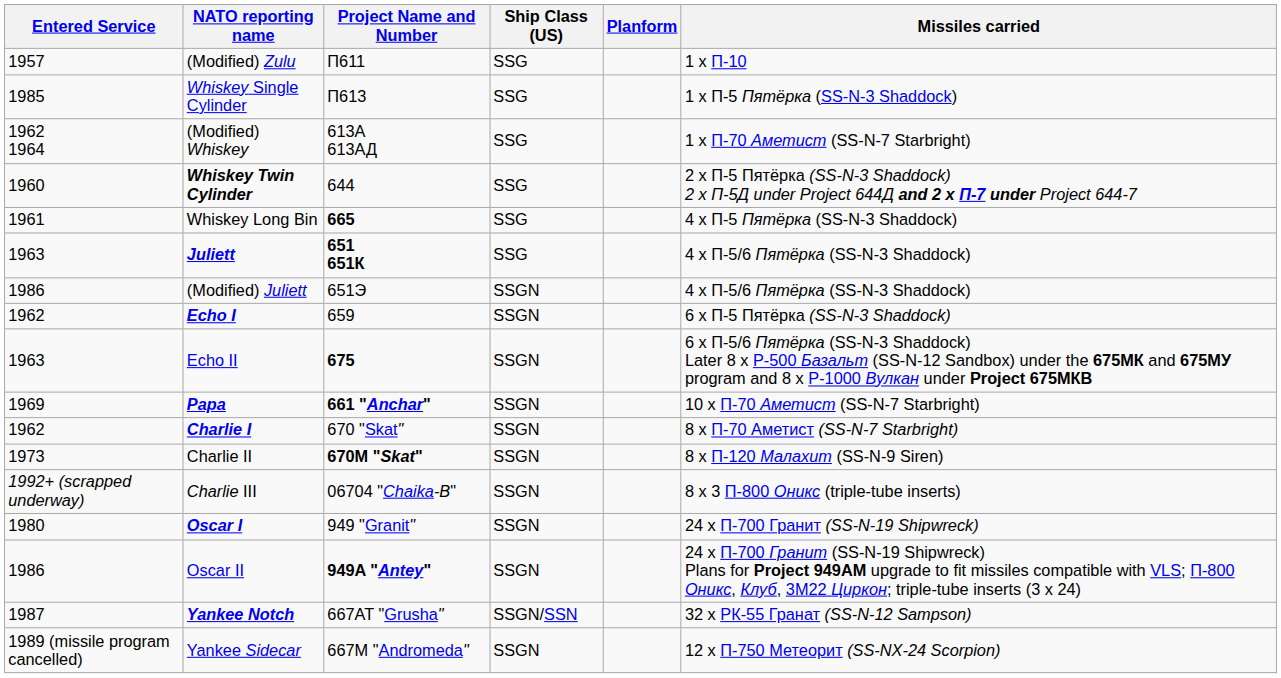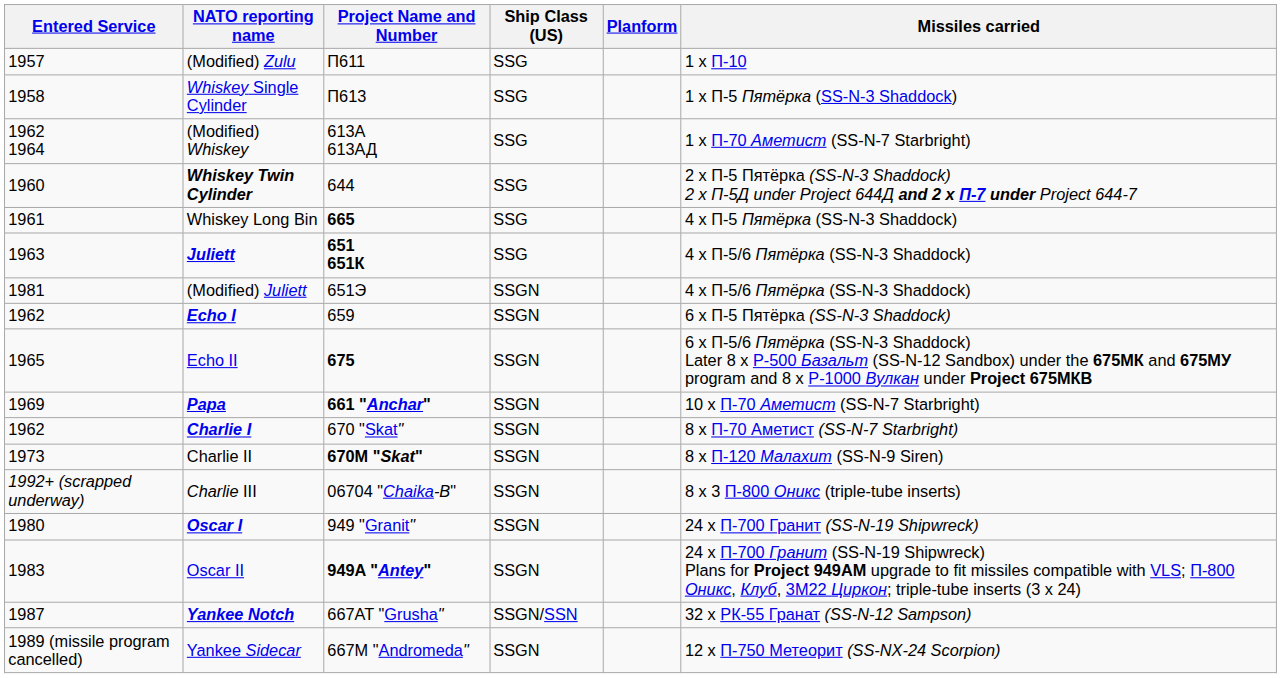 <table class="wikitable sortable">
 <tr>
 <th><a href='#'>Entered Service</a></th>
 <th><a href='#'>NATO reporting name</a></th>
 <th><a href='#'>Project Name and Number</a></th>
 <th>Ship Class (US)</th>
 <th><a href='#'>Planform</a></th>
 <th>Missiles carried</th>
 </tr>
 <tr>
 <td>1957</td>
 <td>(Modified) <a href='#'><em>Zulu</em></a></td>
 <td>П611</td>
 <td>SSG</td>
 <td></td>
 <td>1 x <a href='#'>П-10</a></td>
 </tr>
 <tr>
-<td>1985</td>
+<td>1958</td>
 <td><a href='#'><em>Whiskey</em> Single Cylinder</a></td>
 <td>П613</td>
 <td>SSG</td>
 <td></td>
 <td>1 x П-5 <em>Пятёрка</em> (<a href='#'>SS-N-3 Shaddock</a>)</td>
 </tr>
 <tr>
 <td>1962<br>1964</td>
 <td>(Modified) <em>Whiskey</em></td>
 <td>613А<br>613АД</td>
 <td>SSG</td>
 <td></td>
 <td>1 x <a href='#'>П-70 <em>Аметист</em></a> (SS-N-7 Starbright)</td>
 </tr>
 <tr>
 <td>1960</td>
 <td><strong><em>Whiskey<em> Twin Cylinder<strong></td>
 <td></strong>644<strong></td>
 <td>SSG</td>
 <td></td>
 <td>2 x П-5 </em>Пятёрка<em> (SS-N-3 Shaddock)<br>2 х П-5Д under </strong>Project 644Д<strong> and 2 х <a href='#'>П-7</a> under </strong>Project 644-7<strong></td>
 </tr>
 <tr>
 <td>1961</td>
 <td></em></strong>Whiskey</em> Long Bin</strong></td>
 <td><strong>665</strong></td>
 <td>SSG</td>
 <td></td>
 <td>4 x П-5 <em>Пятёрка</em> (SS-N-3 Shaddock)</td>
 </tr>
 <tr>
 <td>1963</td>
 <td><a href='#'><strong><em>Juliett</em></strong></a></td>
 <td><strong>651</strong><br><strong>651К</strong></td>
 <td>SSG</td>
 <td></td>
 <td>4 х П-5/6 <em>Пятёрка</em> (SS-N-3 Shaddock)</td>
 </tr>
 <tr>
-<td>1986</td>
+<td>1981</td>
 <td>(Modified) <a href='#'><em>Juliett</em></a></td>
 <td>651Э</td>
 <td>SSGN</td>
 <td></td>
 <td>4 х П-5/6 <em>Пятёрка</em> (SS-N-3 Shaddock)</td>
 </tr>
 <tr>
 <td>1962</td>
 <td><a href='#'><strong><em>Echo<em> I<strong></a></td>
 <td></strong>659<strong></td>
 <td>SSGN</td>
 <td></td>
 <td>6 x П-5 </em>Пятёрка<em> (SS-N-3 Shaddock)</td>
 </tr>
 <tr>
-<td>1963</td>
+<td>1965</td>
 <td><a href='#'></em></strong>Echo</em> II</strong></a></td>
 <td><strong>675</strong></td>
 <td>SSGN</td>
 <td></td>
 <td>6 x П-5/6 <em>Пятёрка</em> (SS-N-3 Shaddock)<br>Later 8 x <a href='#'>P-500 <em>Базальт</em></a> (SS-N-12 Sandbox) under the <strong>675МК</strong> and <strong>675МУ</strong> program and 8 x <a href='#'>P-1000 <em>Вулкан</em></a> under <strong>Project 675МКВ</strong></td>
 </tr>
 <tr>
 <td>1969</td>
 <td><a href='#'><strong><em>Papa</em></strong></a></td>
 <td><strong>661 "<em><a href='#'>Anchar</a></em>"</strong></td>
 <td>SSGN</td>
 <td></td>
 <td>10 x <a href='#'>П-70 <em>Аметист</em></a> (SS-N-7 Starbright)</td>
 </tr>
 <tr>
 <td>1962</td>
 <td><a href='#'><strong><em>Charlie<em> I<strong></a></td>
 <td></strong>670 "</em><a href='#'>Skat</a><em>"<strong></td>
 <td>SSGN</td>
 <td></td>
 <td>8 x <a href='#'>П-70 </em>Аметист<em></a> (SS-N-7 Starbright)</td>
 </tr>
 <tr>
 <td>1973</td>
 <td></em></strong>Charlie</em> II</strong></td>
 <td><strong>670M "<em>Skat</em>"</strong></td>
 <td>SSGN</td>
 <td></td>
 <td>8 x <a href='#'>П-120 <em>Малахит</em></a> (SS-N-9 Siren)</td>
 </tr>
 <tr>
 <td><em>1992+ (scrapped underway)</em></td>
 <td><em>Charlie</em> III</td>
 <td>06704 "<em><a href='#'>Chaika</a>-B</em>"</td>
 <td>SSGN</td>
 <td></td>
 <td>8 x 3 <a href='#'>П-800 <em>Оникс</em></a> (triple-tube inserts)</td>
 </tr>
 <tr>
 <td>1980</td>
 <td><a href='#'><strong><em>Oscar<em> I<strong></a></td>
 <td></strong>949 "</em><a href='#'>Granit</a><em>"<strong></td>
 <td>SSGN</td>
 <td></td>
 <td>24 x <a href='#'>П-700 </em>Гранит<em></a> (SS-N-19 Shipwreck)</td>
 </tr>
 <tr>
-<td>1986</td>
+<td>1983</td>
 <td><a href='#'></em></strong>Oscar</em> II</strong></a></td>
 <td><strong>949A "<em><a href='#'>Antey</a></em>"</strong></td>
 <td>SSGN</td>
 <td></td>
 <td>24 x <a href='#'>П-700 <em>Гранит</em></a> (SS-N-19 Shipwreck)<br>Plans for <strong>Project 949АМ</strong> upgrade to fit missiles compatible with  <a href='#'>VLS</a>; <a href='#'>П-800 <em>Оникс</em></a>, <a href='#'><em>Клуб</em></a>, <a href='#'>3M22 <em>Циркон</em></a>; triple-tube inserts (3 x 24)</td>
 </tr>
 <tr>
 <td>1987</td>
 <td><a href='#'><strong><em>Yankee<em> Notch<strong></a></td>
 <td></strong>667AT "<a href='#'></em>Grusha<em></a>"<strong></td>
 <td>SSGN/<a href='#'>SSN</a></td>
 <td></td>
 <td>32 x <a href='#'>РК-55 </em>Гранат<em></a> (SS-N-12 Sampson)</td>
 </tr>
 <tr>
 <td></em>1989 (missile program cancelled)<em></td>
 <td><a href='#'></em>Yankee<em> Sidecar</a></td>
 <td>667M "<a href='#'></em>Andromeda<em></a>"</td>
 <td>SSGN</td>
 <td></td>
 <td>12 x <a href='#'>П-750 </em>Метеорит<em></a> (SS-NX-24 Scorpion)</td>
 </tr>
 </table>
